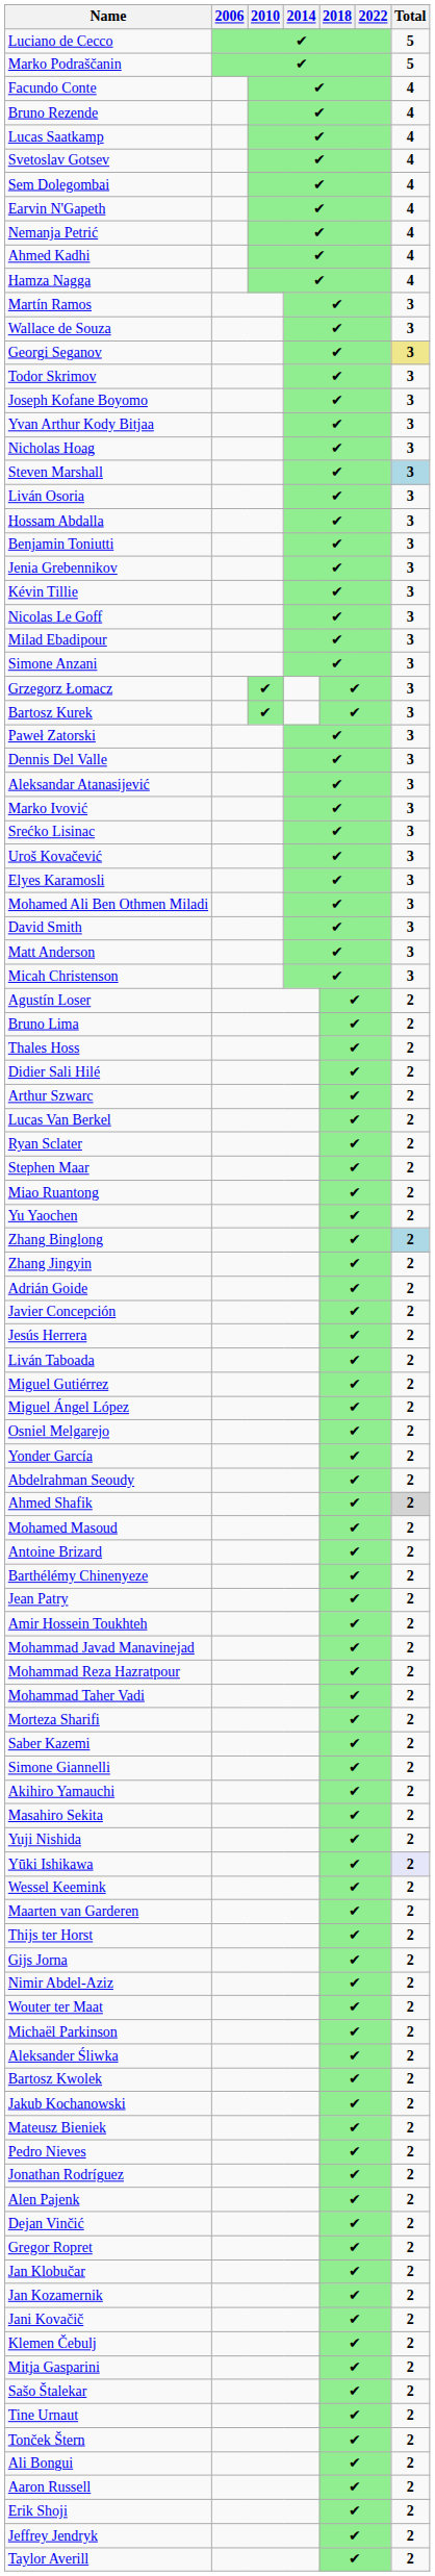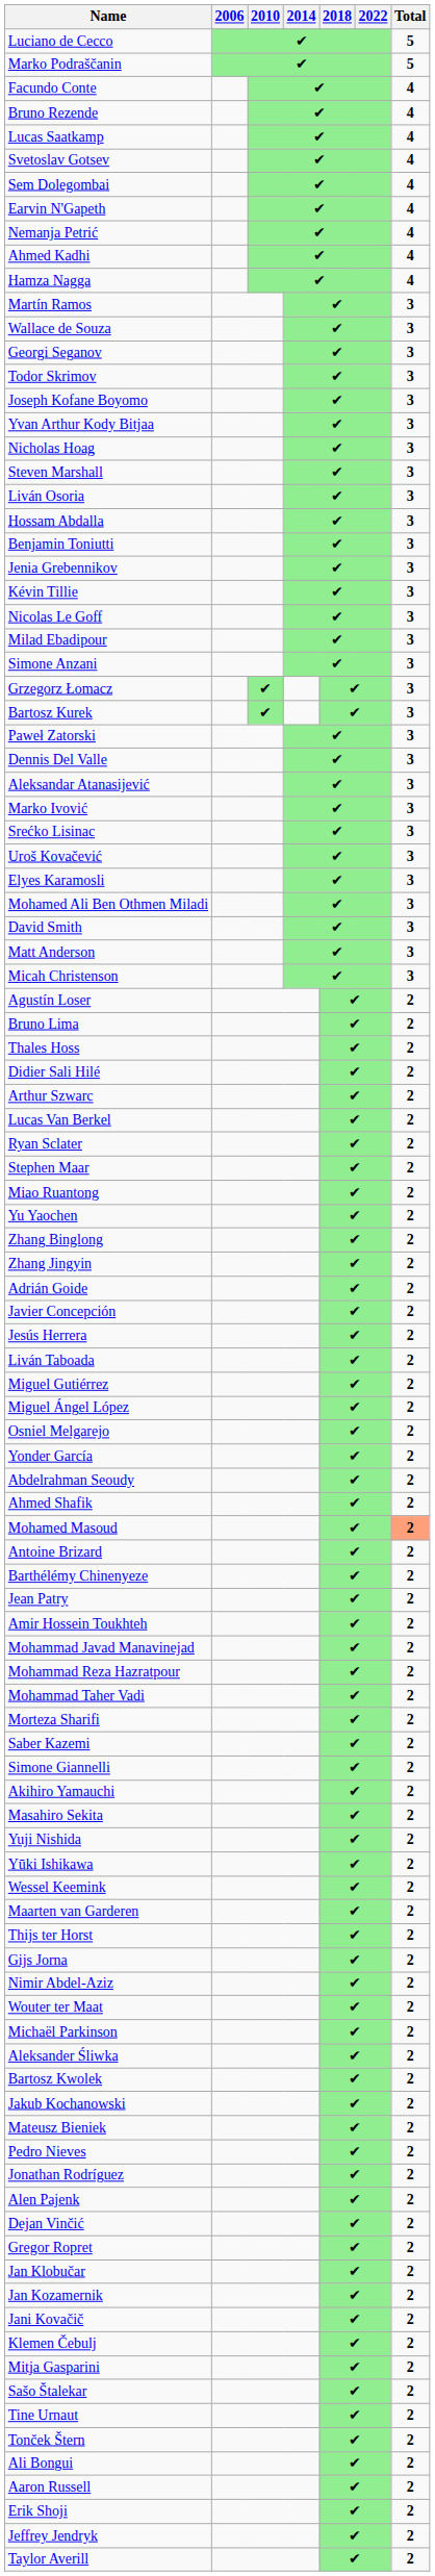 <table class="wikitable sortable" style="font-size:90%">
 <tr>
 <th>Name</th>
 <th> <a href='#'>2006</a></th>
 <th> <a href='#'>2010</a></th>
 <th> <a href='#'>2014</a></th>
 <th>  <a href='#'>2018</a></th>
 <th>  <a href='#'>2022</a></th>
 <th>Total</th>
 </tr>
 <tr>
 <td> <a href='#'>Luciano de Cecco</a></td>
 <td colspan=5 style = "background:lightgreen; text-align:center;">✔</td>
 <td align="center"><strong>5</strong></td>
 </tr>
 <tr>
 <td> <a href='#'>Marko Podraščanin</a></td>
 <td colspan=5 style = "background:lightgreen; text-align:center;">✔</td>
 <td align="center"><strong>5</strong></td>
 </tr>
 <tr>
 <td> <a href='#'>Facundo Conte</a></td>
 <td></td>
 <td colspan=4 style = "background:lightgreen; text-align:center;">✔</td>
 <td align="center"><strong>4</strong></td>
 </tr>
 <tr>
 <td> <a href='#'>Bruno Rezende</a></td>
 <td></td>
 <td colspan=4 style = "background:lightgreen; text-align:center;">✔</td>
 <td align="center"><strong>4</strong></td>
 </tr>
 <tr>
 <td> <a href='#'>Lucas Saatkamp</a></td>
 <td></td>
 <td colspan=4 style = "background:lightgreen; text-align:center;">✔</td>
 <td align="center"><strong>4</strong></td>
 </tr>
 <tr>
 <td> <a href='#'>Svetoslav Gotsev</a></td>
 <td></td>
 <td colspan=4 style = "background:lightgreen; text-align:center;">✔</td>
 <td align="center"><strong>4</strong></td>
 </tr>
 <tr>
 <td> <a href='#'>Sem Dolegombai</a></td>
 <td></td>
 <td colspan=4 style = "background:lightgreen; text-align:center;">✔</td>
 <td align="center"><strong>4</strong></td>
 </tr>
 <tr>
 <td> <a href='#'>Earvin N'Gapeth</a></td>
 <td></td>
 <td colspan=4 style = "background:lightgreen; text-align:center;">✔</td>
 <td align="center"><strong>4</strong></td>
 </tr>
 <tr>
 <td> <a href='#'>Nemanja Petrić</a></td>
 <td></td>
 <td colspan=4 style = "background:lightgreen; text-align:center;">✔</td>
 <td align="center"><strong>4</strong></td>
 </tr>
 <tr>
 <td> <a href='#'>Ahmed Kadhi</a></td>
 <td></td>
 <td colspan=4 style = "background:lightgreen; text-align:center;">✔</td>
 <td align="center"><strong>4</strong></td>
 </tr>
 <tr>
 <td> <a href='#'>Hamza Nagga</a></td>
 <td></td>
 <td colspan=4 style = "background:lightgreen; text-align:center;">✔</td>
 <td align="center"><strong>4</strong></td>
 </tr>
 <tr>
 <td> <a href='#'>Martín Ramos</a></td>
 <td colspan=2></td>
 <td colspan=3 style = "background:lightgreen; text-align:center;">✔</td>
 <td align="center"><strong>3</strong></td>
 </tr>
 <tr>
 <td> <a href='#'>Wallace de Souza</a></td>
 <td colspan=2></td>
 <td colspan=3 style = "background:lightgreen; text-align:center;">✔</td>
 <td align="center"><strong>3</strong></td>
 </tr>
 <tr>
 <td> <a href='#'>Georgi Seganov</a></td>
 <td colspan=2></td>
 <td colspan=3 style = "background:lightgreen; text-align:center;">✔</td>
-<td align="center" style="background: khaki;"><strong>3</strong></td>
+<td align="center"><strong>3</strong></td>
 </tr>
 <tr>
 <td> <a href='#'>Todor Skrimov</a></td>
 <td colspan=2></td>
 <td colspan=3 style = "background:lightgreen; text-align:center;">✔</td>
 <td align="center"><strong>3</strong></td>
 </tr>
 <tr>
 <td> <a href='#'>Joseph Kofane Boyomo</a></td>
 <td colspan=2></td>
 <td colspan=3 style = "background:lightgreen; text-align:center;">✔</td>
 <td align="center"><strong>3</strong></td>
 </tr>
 <tr>
 <td> <a href='#'>Yvan Arthur Kody Bitjaa</a></td>
 <td colspan=2></td>
 <td colspan=3 style = "background:lightgreen; text-align:center;">✔</td>
 <td align="center"><strong>3</strong></td>
 </tr>
 <tr>
 <td> <a href='#'>Nicholas Hoag</a></td>
 <td colspan=2></td>
 <td colspan=3 style = "background:lightgreen; text-align:center;">✔</td>
 <td align="center"><strong>3</strong></td>
 </tr>
 <tr>
 <td> <a href='#'>Steven Marshall</a></td>
 <td colspan=2></td>
 <td colspan=3 style = "background:lightgreen; text-align:center;">✔</td>
-<td align="center" style="background: lightblue;"><strong>3</strong></td>
+<td align="center"><strong>3</strong></td>
 </tr>
 <tr>
 <td> <a href='#'>Liván Osoria</a></td>
 <td colspan=2></td>
 <td colspan=3 style = "background:lightgreen; text-align:center;">✔</td>
 <td align="center"><strong>3</strong></td>
 </tr>
 <tr>
 <td> <a href='#'>Hossam Abdalla</a></td>
 <td colspan=2></td>
 <td colspan=3 style = "background:lightgreen; text-align:center;">✔</td>
 <td align="center"><strong>3</strong></td>
 </tr>
 <tr>
 <td> <a href='#'>Benjamin Toniutti</a></td>
 <td colspan=2></td>
 <td colspan=3 style = "background:lightgreen; text-align:center;">✔</td>
 <td align="center"><strong>3</strong></td>
 </tr>
 <tr>
 <td> <a href='#'>Jenia Grebennikov</a></td>
 <td colspan=2></td>
 <td colspan=3 style = "background:lightgreen; text-align:center;">✔</td>
 <td align="center"><strong>3</strong></td>
 </tr>
 <tr>
 <td> <a href='#'>Kévin Tillie</a></td>
 <td colspan=2></td>
 <td colspan=3 style = "background:lightgreen; text-align:center;">✔</td>
 <td align="center"><strong>3</strong></td>
 </tr>
 <tr>
 <td> <a href='#'>Nicolas Le Goff</a></td>
 <td colspan=2></td>
 <td colspan=3 style = "background:lightgreen; text-align:center;">✔</td>
 <td align="center"><strong>3</strong></td>
 </tr>
 <tr>
 <td> <a href='#'>Milad Ebadipour</a></td>
 <td colspan=2></td>
 <td colspan=3 style = "background:lightgreen; text-align:center;">✔</td>
 <td align="center"><strong>3</strong></td>
 </tr>
 <tr>
 <td> <a href='#'>Simone Anzani</a></td>
 <td colspan=2></td>
 <td colspan=3 style = "background:lightgreen; text-align:center;">✔</td>
 <td align="center"><strong>3</strong></td>
 </tr>
 <tr>
 <td> <a href='#'>Grzegorz Łomacz</a></td>
 <td></td>
 <td style = "background:lightgreen; text-align:center;">✔</td>
 <td></td>
 <td colspan=2 style = "background:lightgreen; text-align:center;">✔</td>
 <td align="center"><strong>3</strong></td>
 </tr>
 <tr>
 <td> <a href='#'>Bartosz Kurek</a></td>
 <td></td>
 <td style = "background:lightgreen; text-align:center;">✔</td>
 <td></td>
 <td colspan=2 style = "background:lightgreen; text-align:center;">✔</td>
 <td align="center"><strong>3</strong></td>
 </tr>
 <tr>
 <td> <a href='#'>Paweł Zatorski</a></td>
 <td colspan=2></td>
 <td colspan=3 style = "background:lightgreen; text-align:center;">✔</td>
 <td align="center"><strong>3</strong></td>
 </tr>
 <tr>
 <td> <a href='#'>Dennis Del Valle</a></td>
 <td colspan=2></td>
 <td colspan=3 style = "background:lightgreen; text-align:center;">✔</td>
 <td align="center"><strong>3</strong></td>
 </tr>
 <tr>
 <td> <a href='#'>Aleksandar Atanasijević</a></td>
 <td colspan=2></td>
 <td colspan=3 style = "background:lightgreen; text-align:center;">✔</td>
 <td align="center"><strong>3</strong></td>
 </tr>
 <tr>
 <td> <a href='#'>Marko Ivović</a></td>
 <td colspan=2></td>
 <td colspan=3 style = "background:lightgreen; text-align:center;">✔</td>
 <td align="center"><strong>3</strong></td>
 </tr>
 <tr>
 <td> <a href='#'>Srećko Lisinac</a></td>
 <td colspan=2></td>
 <td colspan=3 style = "background:lightgreen; text-align:center;">✔</td>
 <td align="center"><strong>3</strong></td>
 </tr>
 <tr>
 <td> <a href='#'>Uroš Kovačević</a></td>
 <td colspan=2></td>
 <td colspan=3 style = "background:lightgreen; text-align:center;">✔</td>
 <td align="center"><strong>3</strong></td>
 </tr>
 <tr>
 <td> <a href='#'>Elyes Karamosli</a></td>
 <td colspan=2></td>
 <td colspan=3 style = "background:lightgreen; text-align:center;">✔</td>
 <td align="center"><strong>3</strong></td>
 </tr>
 <tr>
 <td> <a href='#'>Mohamed Ali Ben Othmen Miladi</a></td>
 <td colspan=2></td>
 <td colspan=3 style = "background:lightgreen; text-align:center;">✔</td>
 <td align="center"><strong>3</strong></td>
 </tr>
 <tr>
 <td> <a href='#'>David Smith</a></td>
 <td colspan=2></td>
 <td colspan=3 style = "background:lightgreen; text-align:center;">✔</td>
 <td align="center"><strong>3</strong></td>
 </tr>
 <tr>
 <td> <a href='#'>Matt Anderson</a></td>
 <td colspan=2></td>
 <td colspan=3 style = "background:lightgreen; text-align:center;">✔</td>
 <td align="center"><strong>3</strong></td>
 </tr>
 <tr>
 <td> <a href='#'>Micah Christenson</a></td>
 <td colspan=2></td>
 <td colspan=3 style = "background:lightgreen; text-align:center;">✔</td>
 <td align="center"><strong>3</strong></td>
 </tr>
 <tr>
 <td> <a href='#'>Agustín Loser</a></td>
 <td colspan=3></td>
 <td colspan=2 style = "background:lightgreen; text-align:center;">✔</td>
 <td align="center"><strong>2</strong></td>
 </tr>
 <tr>
 <td> <a href='#'>Bruno Lima</a></td>
 <td colspan=3></td>
 <td colspan=2 style = "background:lightgreen; text-align:center;">✔</td>
 <td align="center"><strong>2</strong></td>
 </tr>
 <tr>
 <td> <a href='#'>Thales Hoss</a></td>
 <td colspan=3></td>
 <td colspan=2 style = "background:lightgreen; text-align:center;">✔</td>
 <td align="center"><strong>2</strong></td>
 </tr>
 <tr>
 <td> <a href='#'>Didier Sali Hilé</a></td>
 <td colspan=3></td>
 <td colspan=2 style = "background:lightgreen; text-align:center;">✔</td>
 <td align="center"><strong>2</strong></td>
 </tr>
 <tr>
 <td> <a href='#'>Arthur Szwarc</a></td>
 <td colspan=3></td>
 <td colspan=2 style = "background:lightgreen; text-align:center;">✔</td>
 <td align="center"><strong>2</strong></td>
 </tr>
 <tr>
 <td> <a href='#'>Lucas Van Berkel</a></td>
 <td colspan=3></td>
 <td colspan=2 style = "background:lightgreen; text-align:center;">✔</td>
 <td align="center"><strong>2</strong></td>
 </tr>
 <tr>
 <td> <a href='#'>Ryan Sclater</a></td>
 <td colspan=3></td>
 <td colspan=2 style = "background:lightgreen; text-align:center;">✔</td>
 <td align="center"><strong>2</strong></td>
 </tr>
 <tr>
 <td> <a href='#'>Stephen Maar</a></td>
 <td colspan=3></td>
 <td colspan=2 style = "background:lightgreen; text-align:center;">✔</td>
 <td align="center"><strong>2</strong></td>
 </tr>
 <tr>
 <td> <a href='#'>Miao Ruantong</a></td>
 <td colspan=3></td>
 <td colspan=2 style = "background:lightgreen; text-align:center;">✔</td>
 <td align="center"><strong>2</strong></td>
 </tr>
 <tr>
 <td> <a href='#'>Yu Yaochen</a></td>
 <td colspan=3></td>
 <td colspan=2 style = "background:lightgreen; text-align:center;">✔</td>
 <td align="center"><strong>2</strong></td>
 </tr>
 <tr>
 <td> <a href='#'>Zhang Binglong</a></td>
 <td colspan=3></td>
 <td colspan=2 style = "background:lightgreen; text-align:center;">✔</td>
-<td align="center" style="background: lightblue;"><strong>2</strong></td>
+<td align="center"><strong>2</strong></td>
 </tr>
 <tr>
 <td> <a href='#'>Zhang Jingyin</a></td>
 <td colspan=3></td>
 <td colspan=2 style = "background:lightgreen; text-align:center;">✔</td>
 <td align="center"><strong>2</strong></td>
 </tr>
 <tr>
 <td> <a href='#'>Adrián Goide</a></td>
 <td colspan=3></td>
 <td colspan=2 style = "background:lightgreen; text-align:center;">✔</td>
 <td align="center"><strong>2</strong></td>
 </tr>
 <tr>
 <td> <a href='#'>Javier Concepción</a></td>
 <td colspan=3></td>
 <td colspan=2 style = "background:lightgreen; text-align:center;">✔</td>
 <td align="center"><strong>2</strong></td>
 </tr>
 <tr>
 <td> <a href='#'>Jesús Herrera</a></td>
 <td colspan=3></td>
 <td colspan=2 style = "background:lightgreen; text-align:center;">✔</td>
 <td align="center"><strong>2</strong></td>
 </tr>
 <tr>
 <td> <a href='#'>Liván Taboada</a></td>
 <td colspan=3></td>
 <td colspan=2 style = "background:lightgreen; text-align:center;">✔</td>
 <td align="center"><strong>2</strong></td>
 </tr>
 <tr>
 <td> <a href='#'>Miguel Gutiérrez</a></td>
 <td colspan=3></td>
 <td colspan=2 style = "background:lightgreen; text-align:center;">✔</td>
 <td align="center"><strong>2</strong></td>
 </tr>
 <tr>
 <td> <a href='#'>Miguel Ángel López</a></td>
 <td colspan=3></td>
 <td colspan=2 style = "background:lightgreen; text-align:center;">✔</td>
 <td align="center"><strong>2</strong></td>
 </tr>
 <tr>
 <td> <a href='#'>Osniel Melgarejo</a></td>
 <td colspan=3></td>
 <td colspan=2 style = "background:lightgreen; text-align:center;">✔</td>
 <td align="center"><strong>2</strong></td>
 </tr>
 <tr>
 <td> <a href='#'>Yonder García</a></td>
 <td colspan=3></td>
 <td colspan=2 style = "background:lightgreen; text-align:center;">✔</td>
 <td align="center"><strong>2</strong></td>
 </tr>
 <tr>
 <td> <a href='#'>Abdelrahman Seoudy</a></td>
 <td colspan=3></td>
 <td colspan=2 style = "background:lightgreen; text-align:center;">✔</td>
 <td align="center"><strong>2</strong></td>
 </tr>
 <tr>
 <td> <a href='#'>Ahmed Shafik</a></td>
 <td colspan=3></td>
 <td colspan=2 style = "background:lightgreen; text-align:center;">✔</td>
-<td align="center" style="background: lightgrey;"><strong>2</strong></td>
+<td align="center"><strong>2</strong></td>
 </tr>
 <tr>
 <td> <a href='#'>Mohamed Masoud</a></td>
 <td colspan=3></td>
 <td colspan=2 style = "background:lightgreen; text-align:center;">✔</td>
-<td align="center"><strong>2</strong></td>
+<td align="center" style="background: lightsalmon;"><strong>2</strong></td>
 </tr>
 <tr>
 <td> <a href='#'>Antoine Brizard</a></td>
 <td colspan=3></td>
 <td colspan=2 style = "background:lightgreen; text-align:center;">✔</td>
 <td align="center"><strong>2</strong></td>
 </tr>
 <tr>
 <td> <a href='#'>Barthélémy Chinenyeze</a></td>
 <td colspan=3></td>
 <td colspan=2 style = "background:lightgreen; text-align:center;">✔</td>
 <td align="center"><strong>2</strong></td>
 </tr>
 <tr>
 <td> <a href='#'>Jean Patry</a></td>
 <td colspan=3></td>
 <td colspan=2 style = "background:lightgreen; text-align:center;">✔</td>
 <td align="center"><strong>2</strong></td>
 </tr>
 <tr>
 <td> <a href='#'>Amir Hossein Toukhteh</a></td>
 <td colspan=3></td>
 <td colspan=2 style = "background:lightgreen; text-align:center;">✔</td>
 <td align="center"><strong>2</strong></td>
 </tr>
 <tr>
 <td> <a href='#'>Mohammad Javad Manavinejad</a></td>
 <td colspan=3></td>
 <td colspan=2 style = "background:lightgreen; text-align:center;">✔</td>
 <td align="center"><strong>2</strong></td>
 </tr>
 <tr>
 <td> <a href='#'>Mohammad Reza Hazratpour</a></td>
 <td colspan=3></td>
 <td colspan=2 style = "background:lightgreen; text-align:center;">✔</td>
 <td align="center"><strong>2</strong></td>
 </tr>
 <tr>
 <td> <a href='#'>Mohammad Taher Vadi</a></td>
 <td colspan=3></td>
 <td colspan=2 style = "background:lightgreen; text-align:center;">✔</td>
 <td align="center"><strong>2</strong></td>
 </tr>
 <tr>
 <td> <a href='#'>Morteza Sharifi</a></td>
 <td colspan=3></td>
 <td colspan=2 style = "background:lightgreen; text-align:center;">✔</td>
 <td align="center"><strong>2</strong></td>
 </tr>
 <tr>
 <td> <a href='#'>Saber Kazemi</a></td>
 <td colspan=3></td>
 <td colspan=2 style = "background:lightgreen; text-align:center;">✔</td>
 <td align="center"><strong>2</strong></td>
 </tr>
 <tr>
 <td> <a href='#'>Simone Giannelli</a></td>
 <td colspan=3></td>
 <td colspan=2 style = "background:lightgreen; text-align:center;">✔</td>
 <td align="center"><strong>2</strong></td>
 </tr>
 <tr>
 <td> <a href='#'>Akihiro Yamauchi</a></td>
 <td colspan=3></td>
 <td colspan=2 style = "background:lightgreen; text-align:center;">✔</td>
 <td align="center"><strong>2</strong></td>
 </tr>
 <tr>
 <td> <a href='#'>Masahiro Sekita</a></td>
 <td colspan=3></td>
 <td colspan=2 style = "background:lightgreen; text-align:center;">✔</td>
 <td align="center"><strong>2</strong></td>
 </tr>
 <tr>
 <td> <a href='#'>Yuji Nishida</a></td>
 <td colspan=3></td>
 <td colspan=2 style = "background:lightgreen; text-align:center;">✔</td>
 <td align="center"><strong>2</strong></td>
 </tr>
 <tr>
 <td> <a href='#'>Yūki Ishikawa</a></td>
 <td colspan=3></td>
 <td colspan=2 style = "background:lightgreen; text-align:center;">✔</td>
-<td align="center" style="background: lavender;"><strong>2</strong></td>
+<td align="center"><strong>2</strong></td>
 </tr>
 <tr>
 <td> <a href='#'>Wessel Keemink</a></td>
 <td colspan=3></td>
 <td colspan=2 style = "background:lightgreen; text-align:center;">✔</td>
 <td align="center"><strong>2</strong></td>
 </tr>
 <tr>
 <td> <a href='#'>Maarten van Garderen</a></td>
 <td colspan=3></td>
 <td colspan=2 style = "background:lightgreen; text-align:center;">✔</td>
 <td align="center"><strong>2</strong></td>
 </tr>
 <tr>
 <td> <a href='#'>Thijs ter Horst</a></td>
 <td colspan=3></td>
 <td colspan=2 style = "background:lightgreen; text-align:center;">✔</td>
 <td align="center"><strong>2</strong></td>
 </tr>
 <tr>
 <td> <a href='#'>Gijs Jorna</a></td>
 <td colspan=3></td>
 <td colspan=2 style = "background:lightgreen; text-align:center;">✔</td>
 <td align="center"><strong>2</strong></td>
 </tr>
 <tr>
 <td> <a href='#'>Nimir Abdel-Aziz</a></td>
 <td colspan=3></td>
 <td colspan=2 style = "background:lightgreen; text-align:center;">✔</td>
 <td align="center"><strong>2</strong></td>
 </tr>
 <tr>
 <td> <a href='#'>Wouter ter Maat</a></td>
 <td colspan=3></td>
 <td colspan=2 style = "background:lightgreen; text-align:center;">✔</td>
 <td align="center"><strong>2</strong></td>
 </tr>
 <tr>
 <td> <a href='#'>Michaël Parkinson</a></td>
 <td colspan=3></td>
 <td colspan=2 style = "background:lightgreen; text-align:center;">✔</td>
 <td align="center"><strong>2</strong></td>
 </tr>
 <tr>
 <td> <a href='#'>Aleksander Śliwka</a></td>
 <td colspan=3></td>
 <td colspan=2 style = "background:lightgreen; text-align:center;">✔</td>
 <td align="center"><strong>2</strong></td>
 </tr>
 <tr>
 <td> <a href='#'>Bartosz Kwolek</a></td>
 <td colspan=3></td>
 <td colspan=2 style = "background:lightgreen; text-align:center;">✔</td>
 <td align="center"><strong>2</strong></td>
 </tr>
 <tr>
 <td> <a href='#'>Jakub Kochanowski</a></td>
 <td colspan=3></td>
 <td colspan=2 style = "background:lightgreen; text-align:center;">✔</td>
 <td align="center"><strong>2</strong></td>
 </tr>
 <tr>
 <td> <a href='#'>Mateusz Bieniek</a></td>
 <td colspan=3></td>
 <td colspan=2 style = "background:lightgreen; text-align:center;">✔</td>
 <td align="center"><strong>2</strong></td>
 </tr>
 <tr>
 <td> <a href='#'>Pedro Nieves</a></td>
 <td colspan=3></td>
 <td colspan=2 style = "background:lightgreen; text-align:center;">✔</td>
 <td align="center"><strong>2</strong></td>
 </tr>
 <tr>
 <td> <a href='#'>Jonathan Rodríguez</a></td>
 <td colspan=3></td>
 <td colspan=2 style = "background:lightgreen; text-align:center;">✔</td>
 <td align="center"><strong>2</strong></td>
 </tr>
 <tr>
 <td> <a href='#'>Alen Pajenk</a></td>
 <td colspan=3></td>
 <td colspan=2 style = "background:lightgreen; text-align:center;">✔</td>
 <td align="center"><strong>2</strong></td>
 </tr>
 <tr>
 <td> <a href='#'>Dejan Vinčić</a></td>
 <td colspan=3></td>
 <td colspan=2 style = "background:lightgreen; text-align:center;">✔</td>
 <td align="center"><strong>2</strong></td>
 </tr>
 <tr>
 <td> <a href='#'>Gregor Ropret</a></td>
 <td colspan=3></td>
 <td colspan=2 style = "background:lightgreen; text-align:center;">✔</td>
 <td align="center"><strong>2</strong></td>
 </tr>
 <tr>
 <td> <a href='#'>Jan Klobučar</a></td>
 <td colspan=3></td>
 <td colspan=2 style = "background:lightgreen; text-align:center;">✔</td>
 <td align="center"><strong>2</strong></td>
 </tr>
 <tr>
 <td> <a href='#'>Jan Kozamernik</a></td>
 <td colspan=3></td>
 <td colspan=2 style = "background:lightgreen; text-align:center;">✔</td>
 <td align="center"><strong>2</strong></td>
 </tr>
 <tr>
 <td> <a href='#'>Jani Kovačič</a></td>
 <td colspan=3></td>
 <td colspan=2 style = "background:lightgreen; text-align:center;">✔</td>
 <td align="center"><strong>2</strong></td>
 </tr>
 <tr>
 <td> <a href='#'>Klemen Čebulj</a></td>
 <td colspan=3></td>
 <td colspan=2 style = "background:lightgreen; text-align:center;">✔</td>
 <td align="center"><strong>2</strong></td>
 </tr>
 <tr>
 <td> <a href='#'>Mitja Gasparini</a></td>
 <td colspan=3></td>
 <td colspan=2 style = "background:lightgreen; text-align:center;">✔</td>
 <td align="center"><strong>2</strong></td>
 </tr>
 <tr>
 <td> <a href='#'>Sašo Štalekar</a></td>
 <td colspan=3></td>
 <td colspan=2 style = "background:lightgreen; text-align:center;">✔</td>
 <td align="center"><strong>2</strong></td>
 </tr>
 <tr>
 <td> <a href='#'>Tine Urnaut</a></td>
 <td colspan=3></td>
 <td colspan=2 style = "background:lightgreen; text-align:center;">✔</td>
 <td align="center"><strong>2</strong></td>
 </tr>
 <tr>
 <td> <a href='#'>Tonček Štern</a></td>
 <td colspan=3></td>
 <td colspan=2 style = "background:lightgreen; text-align:center;">✔</td>
 <td align="center"><strong>2</strong></td>
 </tr>
 <tr>
 <td> <a href='#'>Ali Bongui</a></td>
 <td colspan=3></td>
 <td colspan=2 style = "background:lightgreen; text-align:center;">✔</td>
 <td align="center"><strong>2</strong></td>
 </tr>
 <tr>
 <td> <a href='#'>Aaron Russell</a></td>
 <td colspan=3></td>
 <td colspan=2 style = "background:lightgreen; text-align:center;">✔</td>
 <td align="center"><strong>2</strong></td>
 </tr>
 <tr>
 <td> <a href='#'>Erik Shoji</a></td>
 <td colspan=3></td>
 <td colspan=2 style = "background:lightgreen; text-align:center;">✔</td>
 <td align="center"><strong>2</strong></td>
 </tr>
 <tr>
 <td> <a href='#'>Jeffrey Jendryk</a></td>
 <td colspan=3></td>
 <td colspan=2 style = "background:lightgreen; text-align:center;">✔</td>
 <td align="center"><strong>2</strong></td>
 </tr>
 <tr>
 <td> <a href='#'>Taylor Averill</a></td>
 <td colspan=3></td>
 <td colspan=2 style = "background:lightgreen; text-align:center;">✔</td>
 <td align="center"><strong>2</strong></td>
 </tr>
 </table>
